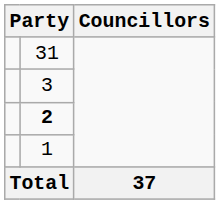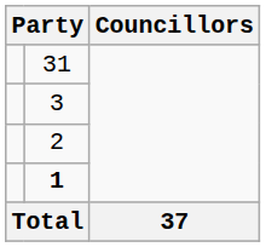 <table class="wikitable">
 <tr>
 <th colspan=2>Party</th>
 <th>Councillors</th>
 </tr>
 <tr>
 <td></td>
 <td align=center>31</td>
 </tr>
 <tr>
 <td></td>
 <td align=center>3</td>
 </tr>
 <tr>
 <td></td>
-<td align=center><strong>2</strong></td>
+<td align=center>2</td>
 </tr>
 <tr>
 <td></td>
-<td align=center>1</td>
+<td align=center><strong>1</strong></td>
 </tr>
 <tr>
 <th colspan=2>Total</th>
 <th align=center>37</th>
 </tr>
 </table>
